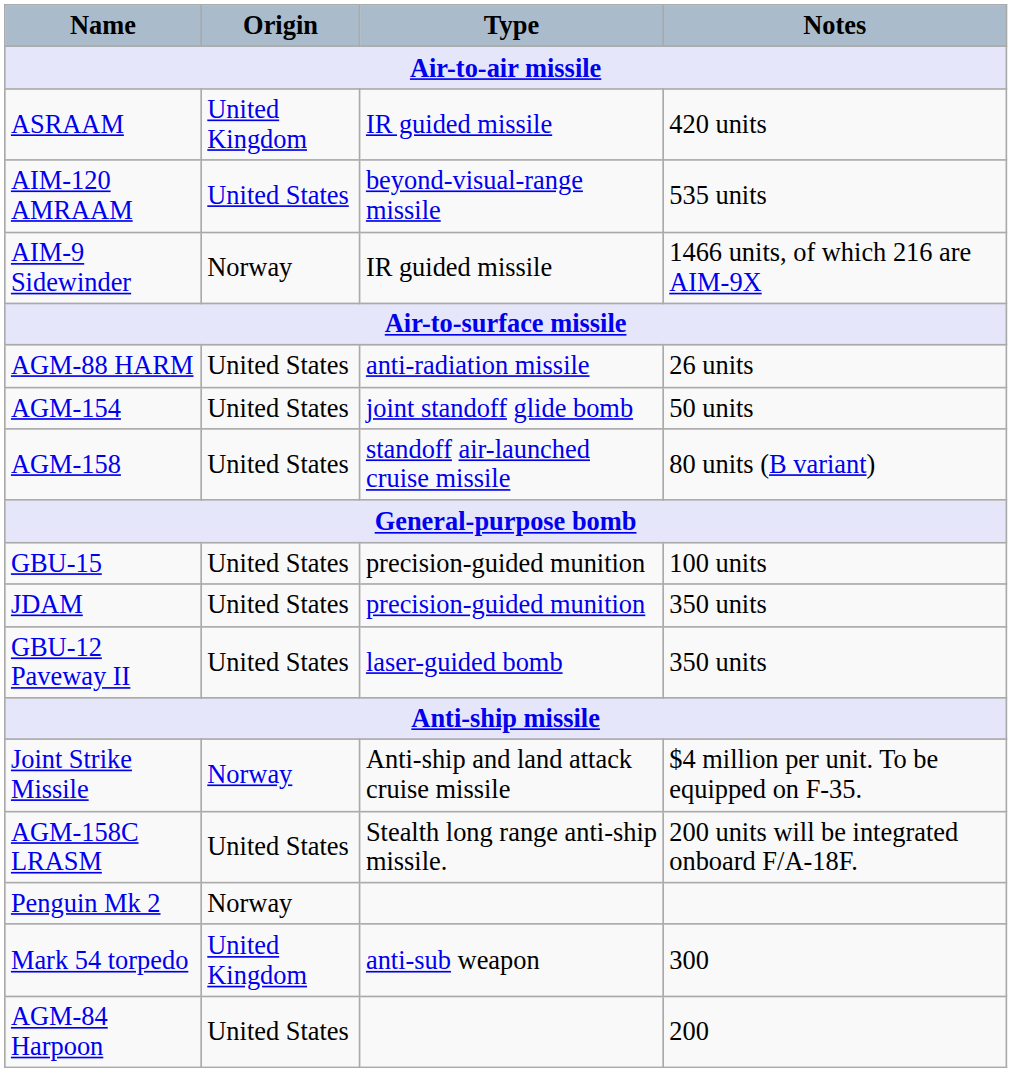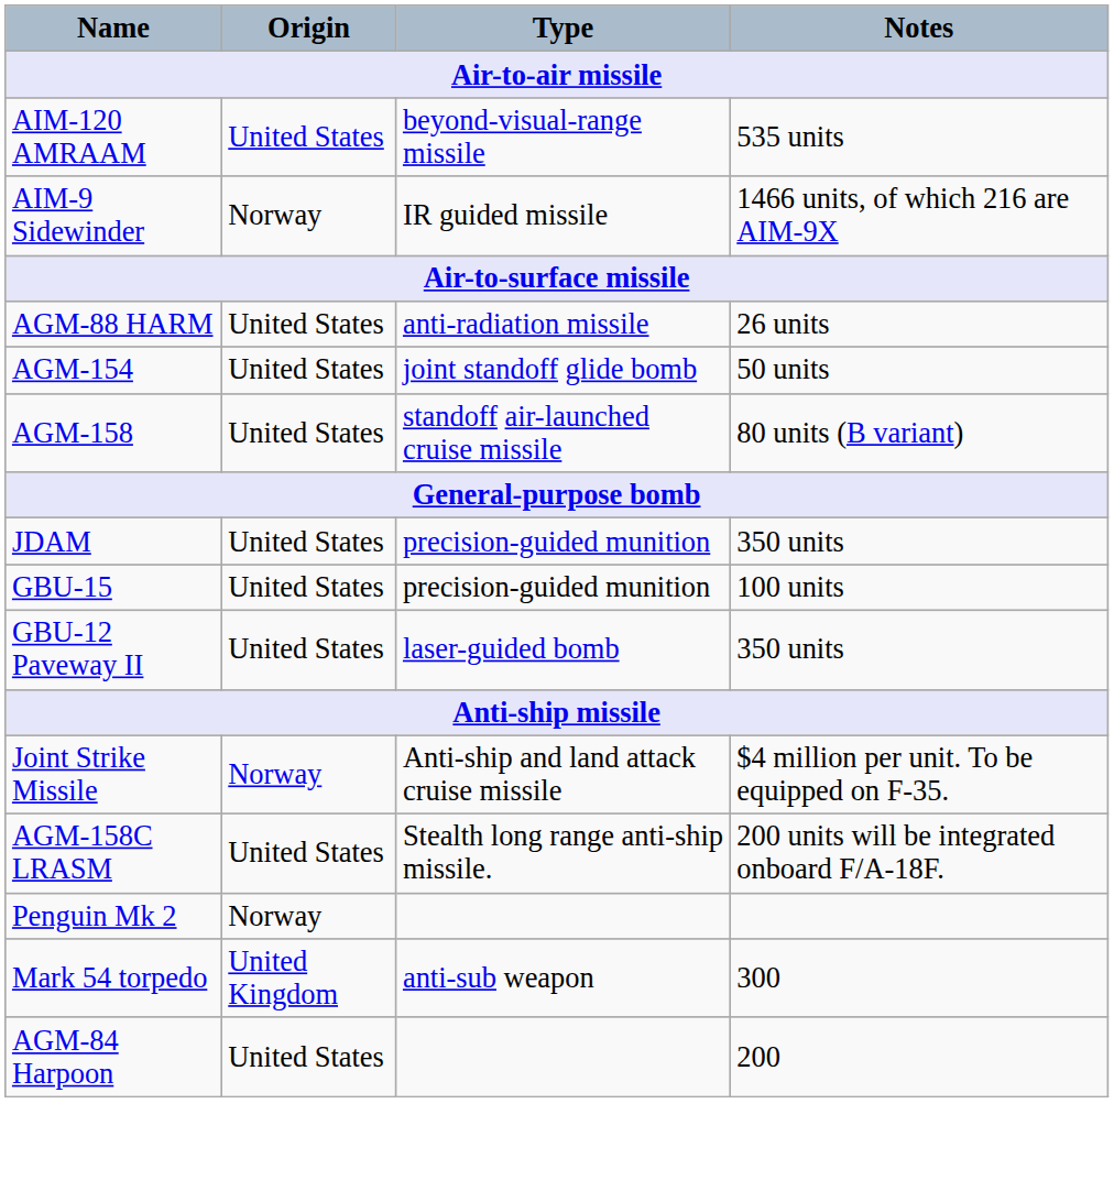 <table class="wikitable">
 <tr>
 <th style="text-align:center; background:#aabccc;">Name</th>
 <th style="text-align: center; background:#aabccc;">Origin</th>
 <th style="text-align: center; background:#aabccc;">Type</th>
 <th style="text-align: center; background:#aabccc;">Notes</th>
 </tr>
 <tr>
 <th colspan="4" style="align: center; background: lavender;"><a href='#'>Air-to-air missile</a></th>
-</tr>
-<tr>
-<td><a href='#'>ASRAAM</a></td>
-<td><a href='#'>United Kingdom</a></td>
-<td><a href='#'>IR guided missile</a></td>
-<td>420 units</td>
 </tr>
 <tr>
 <td><a href='#'>AIM-120 AMRAAM</a></td>
 <td><a href='#'>United States</a></td>
 <td><a href='#'>beyond-visual-range missile</a></td>
 <td>535 units</td>
 </tr>
 <tr>
 <td><a href='#'>AIM-9 Sidewinder</a></td>
 <td>Norway</td>
 <td>IR guided missile</td>
 <td>1466 units, of which 216 are <a href='#'>AIM-9X</a></td>
 </tr>
 <tr>
 <th colspan="4" style="align: center; background: lavender;"><a href='#'>Air-to-surface missile</a></th>
 </tr>
 <tr>
 <td><a href='#'>AGM-88 HARM</a></td>
 <td>United States</td>
 <td><a href='#'>anti-radiation missile</a></td>
 <td>26 units</td>
 </tr>
 <tr>
 <td><a href='#'>AGM-154</a></td>
 <td>United States</td>
 <td><a href='#'>joint standoff</a> <a href='#'>glide bomb</a></td>
 <td>50 units</td>
 </tr>
 <tr>
 <td><a href='#'>AGM-158</a></td>
 <td>United States</td>
 <td><a href='#'>standoff</a> <a href='#'>air-launched cruise missile</a></td>
 <td>80 units (<a href='#'>B variant</a>)</td>
 </tr>
 <tr>
 <th colspan="4" style="align: center; background: lavender;"><a href='#'>General-purpose bomb</a></th>
 </tr>
 <tr>
+<td><a href='#'>JDAM</a></td>
+<td>United States</td>
+<td><a href='#'>precision-guided munition</a></td>
+<td>350 units</td>
+</tr>
+<tr>
 <td><a href='#'>GBU-15</a></td>
 <td>United States</td>
 <td>precision-guided munition</td>
 <td>100 units</td>
-</tr>
-<tr>
-<td><a href='#'>JDAM</a></td>
-<td>United States</td>
-<td><a href='#'>precision-guided munition</a></td>
-<td>350 units</td>
 </tr>
 <tr>
 <td><a href='#'>GBU-12 Paveway II</a></td>
 <td>United States</td>
 <td><a href='#'>laser-guided bomb</a></td>
 <td>350 units</td>
 </tr>
 <tr>
 <th colspan="4" style="align: center; background: lavender;"><a href='#'>Anti-ship missile</a></th>
 </tr>
 <tr>
 <td><a href='#'>Joint Strike Missile</a></td>
 <td><a href='#'>Norway</a></td>
 <td>Anti-ship and land attack cruise missile</td>
 <td>$4 million per unit. To be equipped on F-35.</td>
 </tr>
 <tr>
 <td><a href='#'>AGM-158C LRASM</a></td>
 <td>United States</td>
 <td>Stealth long range anti-ship missile.</td>
 <td>200 units will be integrated onboard F/A-18F.</td>
 </tr>
 <tr>
 <td><a href='#'>Penguin Mk 2</a> </td>
 <td>Norway</td>
 <td></td>
 <td></td>
 </tr>
 <tr>
 <td><a href='#'>Mark 54 torpedo</a></td>
 <td><a href='#'>United Kingdom</a></td>
 <td><a href='#'>anti-sub</a> weapon</td>
 <td>300</td>
 </tr>
 <tr>
 <td><a href='#'>AGM-84 Harpoon</a></td>
 <td>United States</td>
 <td></td>
 <td>200</td>
 </tr>
 </table>
